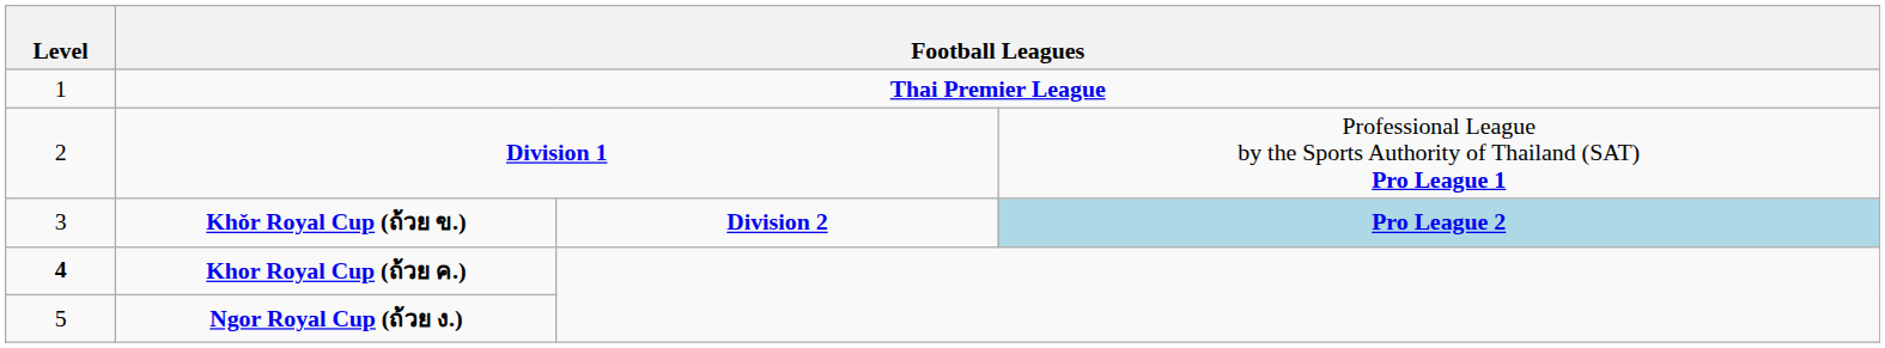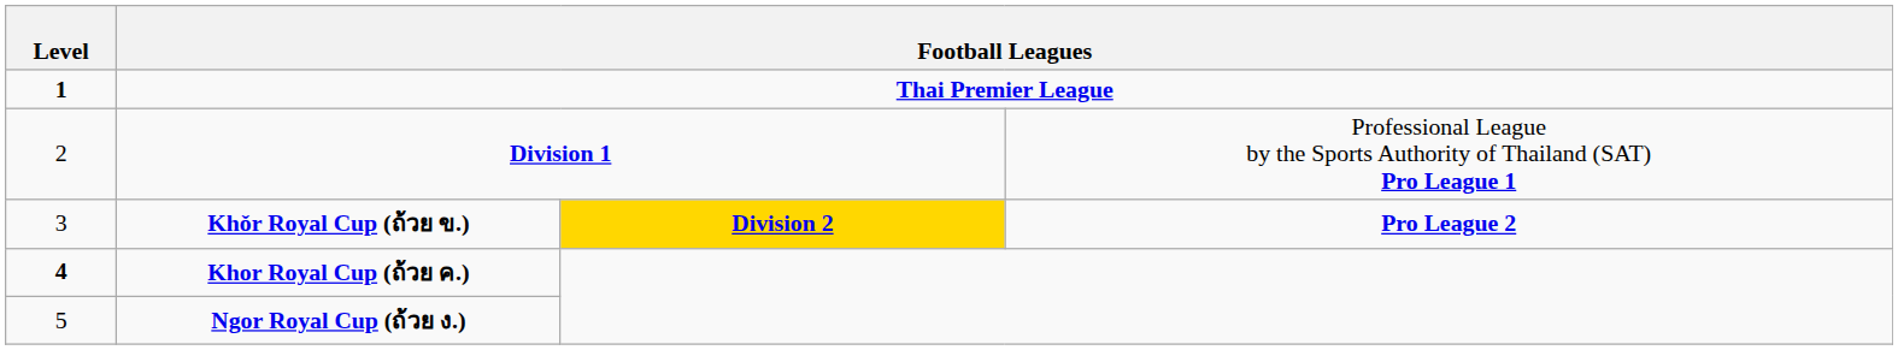 <table class="wikitable" style="text-align: center;" width="100%">
 <tr>
 <th colspan="1" width="4%"><br>Level</th>
 <th colspan="3" width="96%"><br>Football Leagues</th>
 </tr>
 <tr>
-<td>1</td>
+<td><strong>1</strong></td>
 <td colspan="3"><strong><a href='#'>Thai Premier League</a> </strong></td>
 </tr>
 <tr>
 <td>2</td>
 <td colspan="2" width="32%"><strong><a href='#'>Division 1</a> </strong></td>
 <td colspan="2" width="32%">Professional League <br>by the Sports Authority of Thailand (SAT)<br><strong><a href='#'>Pro League 1</a> </strong></td>
 </tr>
 <tr>
 <td>3</td>
 <td colspan="1" width="16%"><strong><a href='#'>Khǒr Royal Cup</a> (ถ้วย ข.)</strong></td>
-<td colspan="1" width="16%"><strong><a href='#'>Division 2</a> </strong></td>
-<td colspan="1" width="32%" style="background: lightblue;"><strong><a href='#'>Pro League 2</a> </strong></td>
+<td colspan="1" width="16%" style="background: gold;"><strong><a href='#'>Division 2</a> </strong></td>
+<td colspan="1" width="32%"><strong><a href='#'>Pro League 2</a> </strong></td>
 </tr>
 <tr>
 <td><strong>4</strong></td>
 <td colspan="1" width="16%"><strong><a href='#'>Khor Royal Cup</a> (ถ้วย ค.) </strong></td>
 </tr>
 <tr>
 <td>5</td>
 <td colspan="1" width="16%"><strong><a href='#'>Ngor Royal Cup</a> (ถ้วย ง.)</strong></td>
 </tr>
 </table>
